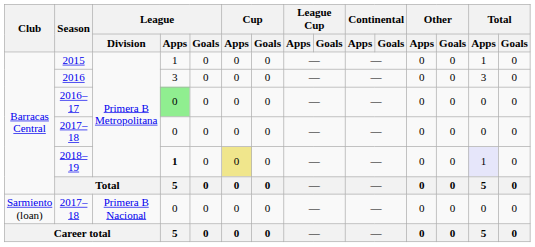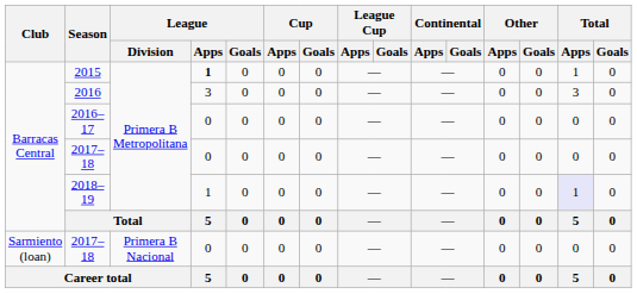 <table class="wikitable" style="text-align:center">
 <tr>
 <th rowspan="2">Club</th>
 <th rowspan="2">Season</th>
 <th colspan="3">League</th>
 <th colspan="2">Cup</th>
 <th colspan="2">League Cup</th>
 <th colspan="2">Continental</th>
 <th colspan="2">Other</th>
 <th colspan="2">Total</th>
 </tr>
 <tr>
 <th>Division</th>
 <th>Apps</th>
 <th>Goals</th>
 <th>Apps</th>
 <th>Goals</th>
 <th>Apps</th>
 <th>Goals</th>
 <th>Apps</th>
 <th>Goals</th>
 <th>Apps</th>
 <th>Goals</th>
 <th>Apps</th>
 <th>Goals</th>
 </tr>
 <tr>
 <td rowspan="6"><a href='#'>Barracas Central</a></td>
 <td><a href='#'>2015</a></td>
 <td rowspan="5"><a href='#'>Primera B Metropolitana</a></td>
-<td>1</td>
+<td><strong>1</strong></td>
 <td>0</td>
 <td>0</td>
 <td>0</td>
 <td colspan="2">—</td>
 <td colspan="2">—</td>
 <td>0</td>
 <td>0</td>
 <td>1</td>
 <td>0</td>
 </tr>
 <tr>
 <td><a href='#'>2016</a></td>
 <td>3</td>
 <td>0</td>
 <td>0</td>
 <td>0</td>
 <td colspan="2">—</td>
 <td colspan="2">—</td>
 <td>0</td>
 <td>0</td>
 <td>3</td>
 <td>0</td>
 </tr>
 <tr>
 <td><a href='#'>2016–17</a></td>
-<td style="background: lightgreen;">0</td>
+<td>0</td>
 <td>0</td>
 <td>0</td>
 <td>0</td>
 <td colspan="2">—</td>
 <td colspan="2">—</td>
 <td>0</td>
 <td>0</td>
 <td>0</td>
 <td>0</td>
 </tr>
 <tr>
 <td><a href='#'>2017–18</a></td>
 <td>0</td>
 <td>0</td>
 <td>0</td>
 <td>0</td>
 <td colspan="2">—</td>
 <td colspan="2">—</td>
 <td>0</td>
 <td>0</td>
 <td>0</td>
 <td>0</td>
 </tr>
 <tr>
 <td><a href='#'>2018–19</a></td>
-<td><strong>1</strong></td>
+<td>1</td>
 <td>0</td>
-<td style="background: khaki;">0</td>
+<td>0</td>
 <td>0</td>
 <td colspan="2">—</td>
 <td colspan="2">—</td>
 <td>0</td>
 <td>0</td>
 <td style="background: lavender;">1</td>
 <td>0</td>
 </tr>
 <tr>
 <th colspan="2">Total</th>
 <th>5</th>
 <th>0</th>
 <th>0</th>
 <th>0</th>
 <th colspan="2">—</th>
 <th colspan="2">—</th>
 <th>0</th>
 <th>0</th>
 <th>5</th>
 <th>0</th>
 </tr>
 <tr>
 <td rowspan="1"><a href='#'>Sarmiento</a> (loan)</td>
 <td><a href='#'>2017–18</a></td>
 <td rowspan="1"><a href='#'>Primera B Nacional</a></td>
 <td>0</td>
 <td>0</td>
 <td>0</td>
 <td>0</td>
 <td colspan="2">—</td>
 <td colspan="2">—</td>
 <td>0</td>
 <td>0</td>
 <td>0</td>
 <td>0</td>
 </tr>
 <tr>
 <th colspan="3">Career total</th>
 <th>5</th>
 <th>0</th>
 <th>0</th>
 <th>0</th>
 <th colspan="2">—</th>
 <th colspan="2">—</th>
 <th>0</th>
 <th>0</th>
 <th>5</th>
 <th>0</th>
 </tr>
 </table>
